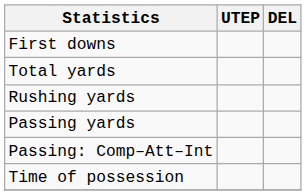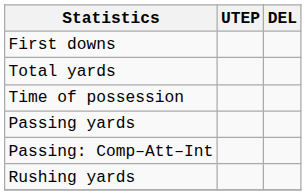 <table class="wikitable" style="float: left;">
 <tr>
 <th>Statistics</th>
 <th>UTEP</th>
 <th>DEL</th>
 </tr>
 <tr>
 <td>First downs</td>
 <td></td>
 <td></td>
 </tr>
 <tr>
 <td>Total yards</td>
 <td></td>
 <td></td>
 </tr>
 <tr>
-<td>Rushing yards</td>
+<td>Time of possession</td>
 <td></td>
 <td></td>
 </tr>
 <tr>
 <td>Passing yards</td>
 <td></td>
 <td></td>
 </tr>
 <tr>
 <td>Passing: Comp–Att–Int</td>
 <td></td>
 <td></td>
 </tr>
 <tr>
-<td>Time of possession</td>
+<td>Rushing yards</td>
 <td></td>
 <td></td>
 </tr>
 <tr>
 </tr>
 </table>
